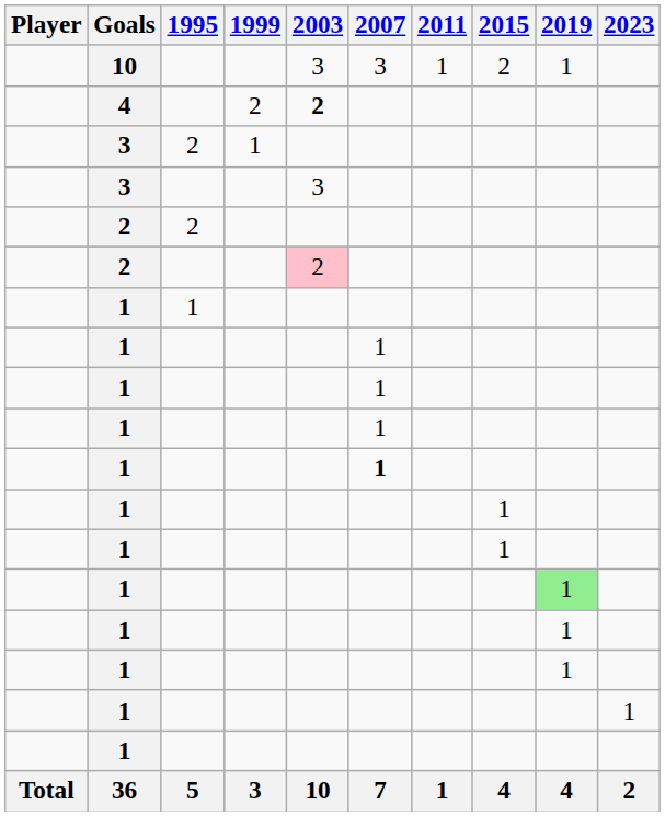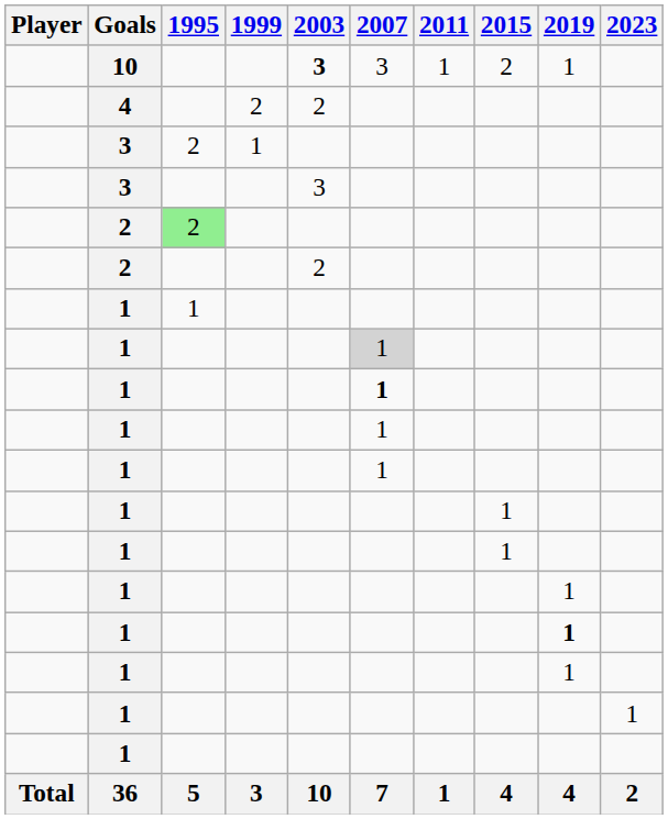 <table class="wikitable sortable" style="text-align:center;">
 <tr>
 <th>Player</th>
 <th>Goals</th>
 <th><a href='#'>1995</a></th>
 <th><a href='#'>1999</a></th>
 <th><a href='#'>2003</a></th>
 <th><a href='#'>2007</a></th>
 <th><a href='#'>2011</a></th>
 <th><a href='#'>2015</a></th>
 <th><a href='#'>2019</a></th>
 <th><a href='#'>2023</a></th>
 </tr>
 <tr>
 <td align="left"></td>
 <th>10</th>
 <td></td>
 <td></td>
-<td>3</td>
+<td><strong>3</strong></td>
 <td>3</td>
 <td>1</td>
 <td>2</td>
 <td>1</td>
 <td></td>
 </tr>
 <tr>
 <td align="left"></td>
 <th>4</th>
 <td></td>
 <td>2</td>
-<td><strong>2</strong></td>
+<td>2</td>
 <td></td>
 <td></td>
 <td></td>
 <td></td>
 <td></td>
 </tr>
 <tr>
 <td align="left"></td>
 <th>3</th>
 <td>2</td>
 <td>1</td>
 <td></td>
 <td></td>
 <td></td>
 <td></td>
 <td></td>
 <td></td>
 </tr>
 <tr>
 <td align="left"></td>
 <th>3</th>
 <td></td>
 <td></td>
 <td>3</td>
 <td></td>
 <td></td>
 <td></td>
 <td></td>
 <td></td>
 </tr>
 <tr>
 <td align="left"></td>
 <th>2</th>
-<td>2</td>
+<td style="background: lightgreen;">2</td>
 <td></td>
 <td></td>
 <td></td>
 <td></td>
 <td></td>
 <td></td>
 <td></td>
 </tr>
 <tr>
 <td align="left"></td>
 <th>2</th>
 <td></td>
 <td></td>
-<td style="background: pink;">2</td>
+<td>2</td>
 <td></td>
 <td></td>
 <td></td>
 <td></td>
 <td></td>
 </tr>
 <tr>
 <td align="left"></td>
 <th>1</th>
 <td>1</td>
 <td></td>
 <td></td>
 <td></td>
 <td></td>
 <td></td>
 <td></td>
 <td></td>
 </tr>
 <tr>
 <td align="left"></td>
 <th>1</th>
 <td></td>
 <td></td>
 <td></td>
-<td>1</td>
+<td style="background: lightgrey;">1</td>
+<td></td>
+<td></td>
+<td></td>
+</tr>
+<tr>
+<td align="left"></td>
+<th>1</th>
+<td></td>
+<td></td>
+<td></td>
+<td><strong>1</strong></td>
+<td></td>
 <td></td>
 <td></td>
 <td></td>
 </tr>
 <tr>
 <td align="left"></td>
 <th>1</th>
 <td></td>
 <td></td>
 <td></td>
 <td>1</td>
 <td></td>
 <td></td>
 <td></td>
 <td></td>
 </tr>
 <tr>
 <td align="left"></td>
 <th>1</th>
 <td></td>
 <td></td>
 <td></td>
 <td>1</td>
-<td></td>
-<td></td>
-<td></td>
-<td></td>
-</tr>
-<tr>
-<td align="left"></td>
-<th>1</th>
-<td></td>
-<td></td>
-<td></td>
-<td><strong>1</strong></td>
 <td></td>
 <td></td>
 <td></td>
 <td></td>
 </tr>
 <tr>
 <td align="left"></td>
 <th>1</th>
 <td></td>
 <td></td>
 <td></td>
 <td></td>
 <td></td>
 <td>1</td>
 <td></td>
 <td></td>
 </tr>
 <tr>
 <td align="left"></td>
 <th>1</th>
 <td></td>
 <td></td>
 <td></td>
 <td></td>
 <td></td>
 <td>1</td>
 <td></td>
 </tr>
 <tr>
 <td align="left"></td>
 <th>1</th>
 <td></td>
 <td></td>
 <td></td>
 <td></td>
 <td></td>
 <td></td>
-<td style="background: lightgreen;">1</td>
+<td>1</td>
 <td></td>
 </tr>
 <tr>
 <td align="left"></td>
 <th>1</th>
 <td></td>
 <td></td>
 <td></td>
 <td></td>
 <td></td>
 <td></td>
-<td>1</td>
+<td><strong>1</strong></td>
 <td></td>
 </tr>
 <tr>
 <td align="left"></td>
 <th>1</th>
 <td></td>
 <td></td>
 <td></td>
 <td></td>
 <td></td>
 <td></td>
 <td>1</td>
 <td></td>
 </tr>
 <tr>
 <td align="left"></td>
 <th>1</th>
 <td></td>
 <td></td>
 <td></td>
 <td></td>
 <td></td>
 <td></td>
 <td></td>
 <td>1</td>
 </tr>
 <tr>
 <td align="left"></td>
 <th>1</th>
 <td></td>
 <td></td>
 <td></td>
 <td></td>
 <td></td>
 <td></td>
 <td></td>
 <td></td>
 </tr>
 <tr class="sortbottom">
 <th>Total</th>
 <th>36</th>
 <th>5</th>
 <th>3</th>
 <th>10</th>
 <th>7</th>
 <th>1</th>
 <th>4</th>
 <th>4</th>
 <th>2</th>
 </tr>
 </table>
